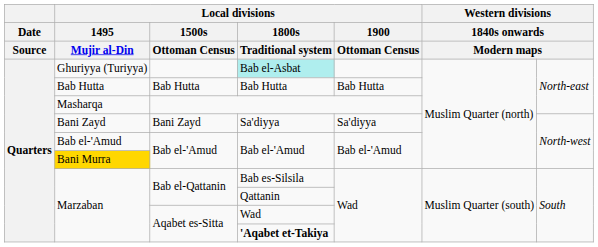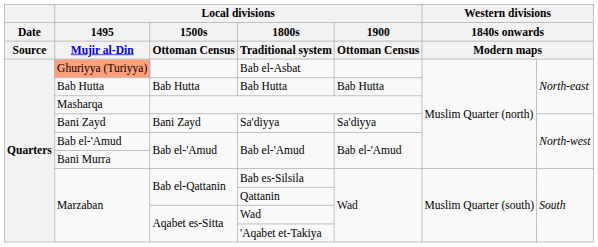 <table class="wikitable">
 <tr>
 <th></th>
 <th colspan="4">Local divisions</th>
 <th colspan="2">Western divisions</th>
 </tr>
 <tr>
 <th>Date</th>
 <th>1495</th>
 <th>1500s</th>
 <th>1800s</th>
 <th>1900</th>
 <th colspan="2">1840s onwards</th>
 </tr>
 <tr>
 <th>Source</th>
 <th><a href='#'>Mujir al-Din</a></th>
 <th>Ottoman Census</th>
 <th>Traditional system</th>
 <th>Ottoman Census</th>
 <th colspan="2">Modern maps</th>
 </tr>
 <tr>
 <th rowspan="10">Quarters</th>
-<td>Ghuriyya (Turiyya)</td>
+<td style="background: lightsalmon;">Ghuriyya (Turiyya)</td>
 <td></td>
-<td style="background: paleturquoise;">Bab el-Asbat</td>
+<td>Bab el-Asbat</td>
 <td></td>
 <td rowspan="6">Muslim Quarter (north)</td>
 <td rowspan="3"><em>North-east</em></td>
 </tr>
 <tr>
 <td>Bab Hutta</td>
 <td>Bab Hutta</td>
 <td>Bab Hutta</td>
 <td>Bab Hutta</td>
 </tr>
 <tr>
 <td>Masharqa</td>
 <td colspan="3"></td>
 </tr>
 <tr>
 <td>Bani Zayd</td>
 <td>Bani Zayd</td>
 <td>Sa'diyya</td>
 <td>Sa'diyya</td>
 <td rowspan="3"><em>North-west</em></td>
 </tr>
 <tr>
 <td>Bab el-'Amud</td>
 <td rowspan="2">Bab el-'Amud</td>
 <td rowspan="2">Bab el-'Amud</td>
 <td rowspan="2">Bab el-'Amud</td>
 </tr>
 <tr>
-<td style="background: gold;">Bani Murra</td>
+<td>Bani Murra</td>
 </tr>
 <tr>
 <td rowspan="4">Marzaban</td>
 <td rowspan="2">Bab el-Qattanin</td>
 <td>Bab es-Silsila</td>
 <td rowspan="4">Wad</td>
 <td rowspan="4">Muslim Quarter (south)</td>
 <td rowspan="4"><em>South</em></td>
 </tr>
 <tr>
 <td>Qattanin</td>
 </tr>
 <tr>
 <td rowspan="2">Aqabet es-Sitta</td>
 <td>Wad</td>
 </tr>
 <tr>
-<td><strong>'Aqabet et-Takiya</strong></td>
+<td>'Aqabet et-Takiya</td>
 </tr>
 </table>
